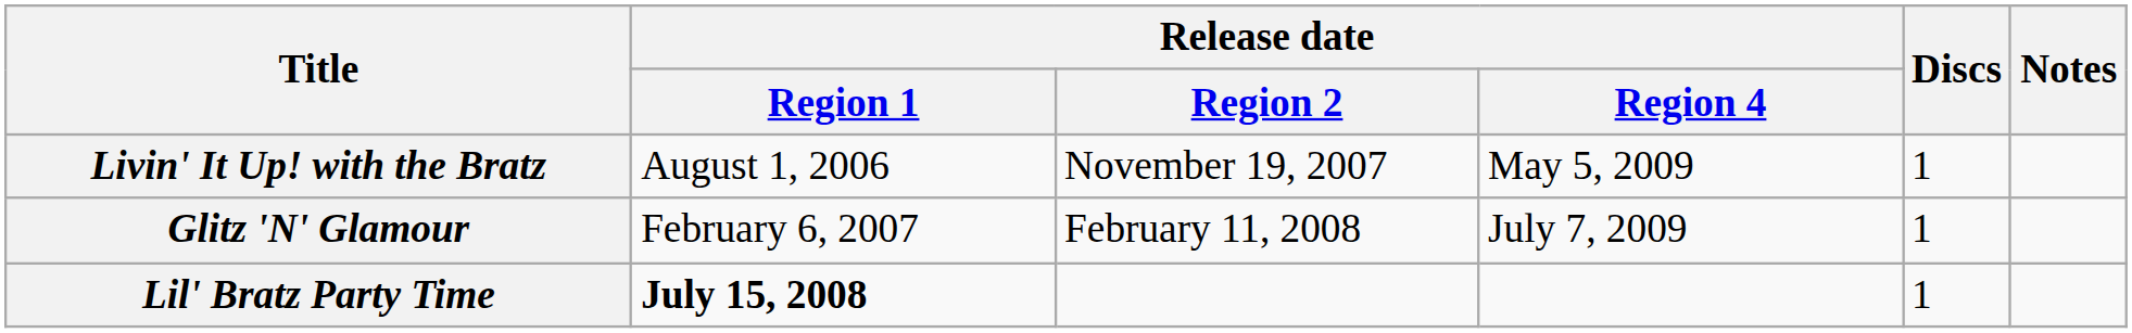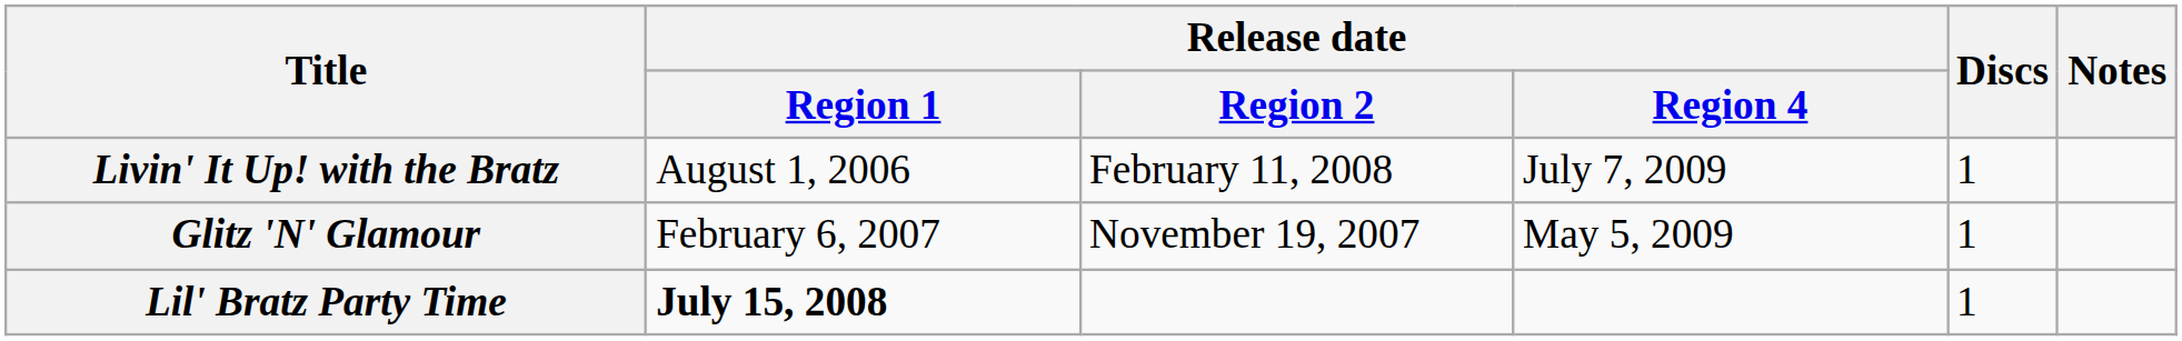 <table class="wikitable sortable">
 <tr>
 <th rowspan="2" style="width:15em;">Title</th>
 <th colspan="3">Release date</th>
 <th style="width:2em;" rowspan="2">Discs</th>
 <th rowspan="2">Notes</th>
 </tr>
 <tr>
 <th style="width:10em;"><a href='#'>Region 1</a></th>
 <th style="width:10em;"><a href='#'>Region 2</a></th>
 <th style="width:10em;"><a href='#'>Region 4</a></th>
 </tr>
 <tr>
 <th scope="row"><em>Livin' It Up! with the Bratz</em></th>
 <td>August 1, 2006</td>
-<td>November 19, 2007</td>
-<td>May 5, 2009</td>
+<td>February 11, 2008</td>
+<td>July 7, 2009</td>
 <td>1</td>
 <td></td>
 </tr>
 <tr>
 <th scope="row"><em>Glitz 'N' Glamour</em></th>
 <td>February 6, 2007</td>
-<td>February 11, 2008</td>
-<td>July 7, 2009</td>
+<td>November 19, 2007</td>
+<td>May 5, 2009</td>
 <td>1</td>
 <td></td>
 </tr>
 <tr>
 <th scope="row"><em>Lil' Bratz Party Time</em></th>
 <td><strong>July 15, 2008</strong></td>
 <td></td>
 <td></td>
 <td>1</td>
 <td></td>
 </tr>
 </table>
